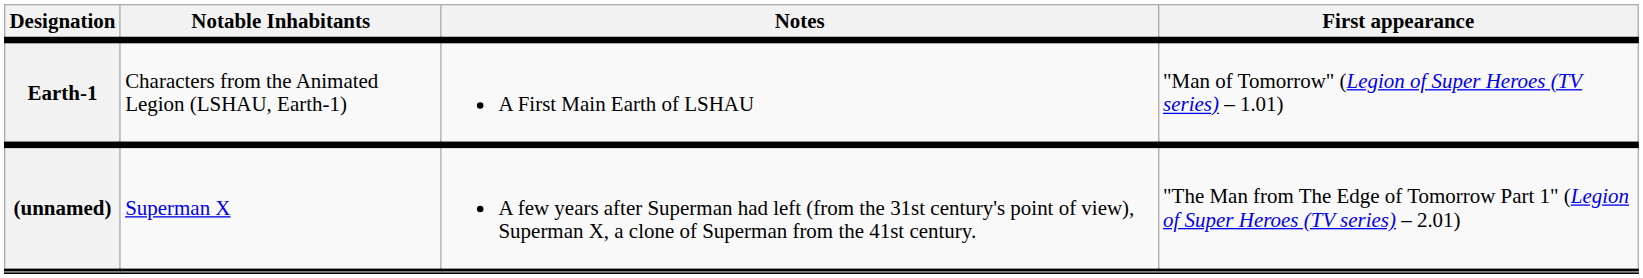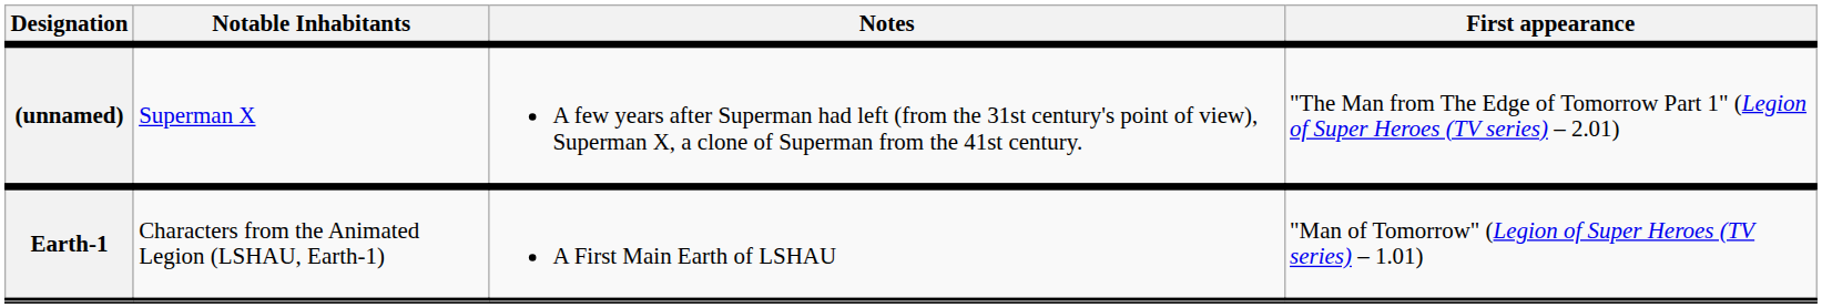 <table class="wikitable">
 <tr>
 <th>Designation</th>
 <th>Notable Inhabitants</th>
 <th>Notes</th>
 <th>First appearance</th>
 </tr>
 <tr style="border-top: solid thick black">
+<th>(unnamed)</th>
+<td><a href='#'>Superman X</a></td>
+<td><br><ul><li>A few years after Superman had left (from the 31st century's point of view), Superman X, a clone of Superman from the 41st century.</li></ul></td>
+<td>"The Man from The Edge of Tomorrow Part 1" (<em><a href='#'>Legion of Super Heroes (TV series)</a></em> – 2.01)</td>
+</tr>
+<tr style="border-top: solid thick black">
 <th>Earth-1</th>
 <td>Characters from the Animated Legion (LSHAU, Earth-1)</td>
 <td><br><ul><li>A First Main Earth of LSHAU</li></ul></td>
 <td>"Man of Tomorrow" (<em><a href='#'>Legion of Super Heroes (TV series)</a></em> – 1.01)</td>
 </tr>
 <tr style="border-top: solid thick black">
-<th>(unnamed)</th>
-<td><a href='#'>Superman X</a></td>
-<td><br><ul><li>A few years after Superman had left (from the 31st century's point of view), Superman X, a clone of Superman from the 41st century.</li></ul></td>
-<td>"The Man from The Edge of Tomorrow Part 1" (<em><a href='#'>Legion of Super Heroes (TV series)</a></em> – 2.01)</td>
-</tr>
-<tr style="border-top: solid thick black">
 </tr>
 </table>
